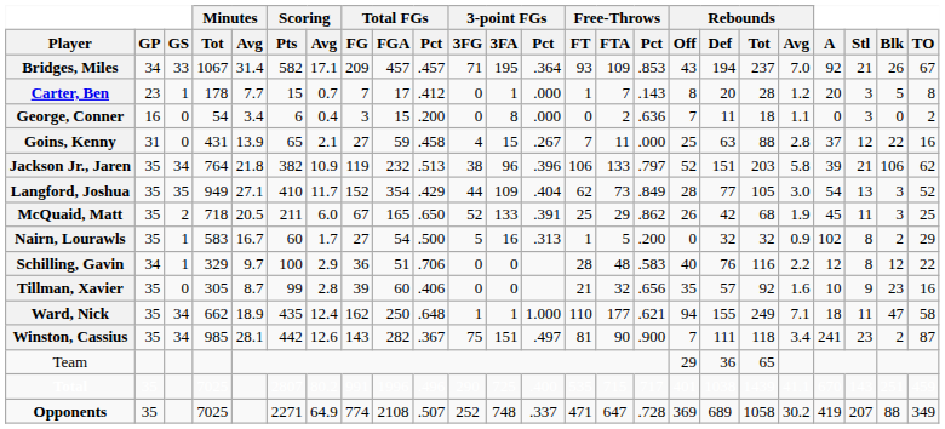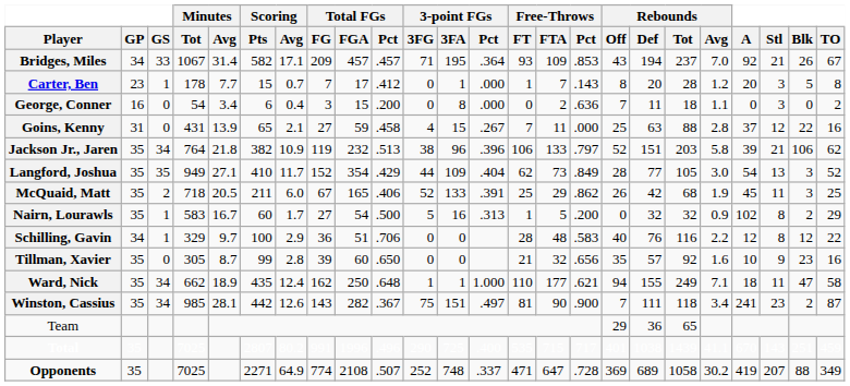 <table class="wikitable sortable" style="font-size:70%;">
 <tr>
 <th colspan="3" style="border-top-style:hidden; border-left-style:hidden; background: white;"></th>
 <th colspan="2" style="background:#">Minutes</th>
 <th colspan="2" style="background:#">Scoring</th>
 <th colspan="3" style="background:#">Total FGs</th>
 <th colspan="3" style="background:#">3-point FGs</th>
 <th colspan="3" style="background:#">Free-Throws</th>
 <th colspan="4" style="background:#">Rebounds</th>
 <th colspan="4" style="border-top-style:hidden; border-right-style:hidden; background: white;"></th>
 </tr>
 <tr>
 <th scope="col" style="background:#">Player</th>
 <th scope="col" style="background:#">GP</th>
 <th scope="col" style="background:#">GS</th>
 <th scope="col" style="background:#">Tot</th>
 <th scope="col" style="background:#">Avg</th>
 <th scope="col" style="background:#">Pts</th>
 <th scope="col" style="background:#">Avg</th>
 <th scope="col" style="background:#">FG</th>
 <th scope="col" style="background:#">FGA</th>
 <th scope="col" style="background:#">Pct</th>
 <th scope="col" style="background:#">3FG</th>
 <th scope="col" style="background:#">3FA</th>
 <th scope="col" style="background:#">Pct</th>
 <th scope="col" style="background:#">FT</th>
 <th scope="col" style="background:#">FTA</th>
 <th scope="col" style="background:#">Pct</th>
 <th scope="col" style="background:#">Off</th>
 <th scope="col" style="background:#">Def</th>
 <th scope="col" style="background:#">Tot</th>
 <th scope="col" style="background:#">Avg</th>
 <th scope="col" style="background:#">A</th>
 <th scope="col" style="background:#">Stl</th>
 <th scope="col" style="background:#">Blk</th>
 <th scope="col" style="background:#">TO</th>
 </tr>
 <tr>
 <th style=white-space:nowrap>Bridges, Miles</th>
 <td style="text-align:right;">34</td>
 <td style="text-align:right;">33</td>
 <td style="text-align:right;" style="background:#18440a; color:#ffffff;">1067</td>
 <td style="text-align:right;" style="background:#18440a; color:#ffffff;">31.4</td>
 <td style="text-align:right;" style="background:#18440a; color:#ffffff;">582</td>
 <td style="text-align:right;" style="background:#18440a; color:#ffffff;">17.1</td>
 <td style="text-align:right;" style="background:#18440a; color:#ffffff;">209</td>
 <td style="text-align:right;" style="background:#18440a; color:#ffffff;">457</td>
 <td style="text-align:right;">.457</td>
 <td style="text-align:right;">71</td>
 <td style="text-align:right;" style="background:#18440a; color:#ffffff;">195</td>
 <td style="text-align:right;">.364</td>
 <td style="text-align:right;">93</td>
 <td style="text-align:right;">109</td>
 <td style="text-align:right;">.853</td>
 <td style="text-align:right;">43</td>
 <td style="text-align:right;" style="background:#18440a; color:#ffffff;">194</td>
 <td style="text-align:right;">237</td>
 <td style="text-align:right;">7.0</td>
 <td style="text-align:right;">92</td>
 <td style="text-align:right;">21</td>
 <td style="text-align:right;">26</td>
 <td style="text-align:right;">67</td>
 </tr>
 <tr>
 <th style=white-space:nowrap><a href='#'>Carter, Ben</a></th>
 <td style="text-align:right;">23</td>
 <td style="text-align:right;">1</td>
 <td style="text-align:right;">178</td>
 <td style="text-align:right;">7.7</td>
 <td style="text-align:right;">15</td>
 <td style="text-align:right;">0.7</td>
 <td style="text-align:right;">7</td>
 <td style="text-align:right;">17</td>
 <td style="text-align:right;">.412</td>
 <td style="text-align:right;">0</td>
 <td style="text-align:right;">1</td>
 <td style="text-align:right;">.000</td>
 <td style="text-align:right;">1</td>
 <td style="text-align:right;">7</td>
 <td style="text-align:right;">.143</td>
 <td style="text-align:right;">8</td>
 <td style="text-align:right;">20</td>
 <td style="text-align:right;">28</td>
 <td style="text-align:right;">1.2</td>
 <td style="text-align:right;">20</td>
 <td style="text-align:right;">3</td>
 <td style="text-align:right;">5</td>
 <td style="text-align:right;">8</td>
 </tr>
 <tr>
 <th style=white-space:nowrap>George, Conner</th>
 <td style="text-align:right;">16</td>
 <td style="text-align:right;">0</td>
 <td style="text-align:right;">54</td>
 <td style="text-align:right;">3.4</td>
 <td style="text-align:right;">6</td>
 <td style="text-align:right;">0.4</td>
 <td style="text-align:right;">3</td>
 <td style="text-align:right;">15</td>
 <td style="text-align:right;">.200</td>
 <td style="text-align:right;">0</td>
 <td style="text-align:right;">8</td>
 <td style="text-align:right;">.000</td>
 <td style="text-align:right;">0</td>
 <td style="text-align:right;">2</td>
 <td style="text-align:right;">.636</td>
 <td style="text-align:right;">7</td>
 <td style="text-align:right;">11</td>
 <td style="text-align:right;">18</td>
 <td style="text-align:right;">1.1</td>
 <td style="text-align:right;">0</td>
 <td style="text-align:right;">3</td>
 <td style="text-align:right;">0</td>
 <td style="text-align:right;">2</td>
 </tr>
 <tr>
 <th style=white-space:nowrap>Goins, Kenny</th>
 <td style="text-align:right;">31</td>
 <td style="text-align:right;">0</td>
 <td style="text-align:right;">431</td>
 <td style="text-align:right;">13.9</td>
 <td style="text-align:right;">65</td>
 <td style="text-align:right;">2.1</td>
 <td style="text-align:right;">27</td>
 <td style="text-align:right;">59</td>
 <td style="text-align:right;">.458</td>
 <td style="text-align:right;">4</td>
 <td style="text-align:right;">15</td>
 <td style="text-align:right;">.267</td>
 <td style="text-align:right;">7</td>
 <td style="text-align:right;">11</td>
 <td style="text-align:right;">.000</td>
 <td style="text-align:right;">25</td>
 <td style="text-align:right;">63</td>
 <td style="text-align:right;">88</td>
 <td style="text-align:right;">2.8</td>
 <td style="text-align:right;">37</td>
 <td style="text-align:right;">12</td>
 <td style="text-align:right;">22</td>
 <td style="text-align:right;">16</td>
 </tr>
 <tr>
 <th style=white-space:nowrap>Jackson Jr., Jaren</th>
 <td style="text-align:right;" style="background:#18440a; color:#ffffff;">35</td>
 <td style="text-align:right;">34</td>
 <td style="text-align:right;">764</td>
 <td style="text-align:right;">21.8</td>
 <td style="text-align:right;">382</td>
 <td style="text-align:right;">10.9</td>
 <td style="text-align:right;">119</td>
 <td style="text-align:right;">232</td>
 <td style="text-align:right;">.513</td>
 <td style="text-align:right;">38</td>
 <td style="text-align:right;">96</td>
 <td style="text-align:right;">.396</td>
 <td style="text-align:right;">106</td>
 <td style="text-align:right;">133</td>
 <td style="text-align:right;">.797</td>
 <td style="text-align:right;">52</td>
 <td style="text-align:right;">151</td>
 <td style="text-align:right;">203</td>
 <td style="text-align:right;">5.8</td>
 <td style="text-align:right;">39</td>
 <td style="text-align:right;">21</td>
 <td style="text-align:right;" style="background:#18440a; color:#ffffff;">106</td>
 <td style="text-align:right;">62</td>
 </tr>
 <tr>
 <th style=white-space:nowrap>Langford, Joshua</th>
 <td style="text-align:right;" style="background:#18440a; color:#ffffff;">35</td>
 <td style="text-align:right;" style="background:#18440a; color:#ffffff;">35</td>
 <td style="text-align:right;">949</td>
 <td style="text-align:right;">27.1</td>
 <td style="text-align:right;">410</td>
 <td style="text-align:right;">11.7</td>
 <td style="text-align:right;">152</td>
 <td style="text-align:right;">354</td>
 <td style="text-align:right;">.429</td>
 <td style="text-align:right;">44</td>
 <td style="text-align:right;">109</td>
 <td style="text-align:right;">.404</td>
 <td style="text-align:right;">62</td>
 <td style="text-align:right;">73</td>
 <td style="text-align:right;">.849</td>
 <td style="text-align:right;">28</td>
 <td style="text-align:right;">77</td>
 <td style="text-align:right;">105</td>
 <td style="text-align:right;">3.0</td>
 <td style="text-align:right;">54</td>
 <td style="text-align:right;">13</td>
 <td style="text-align:right;">3</td>
 <td style="text-align:right;">52</td>
 </tr>
 <tr>
 <th style=white-space:nowrap>McQuaid, Matt</th>
 <td style="text-align:right;" style="background:#18440a; color:#ffffff;">35</td>
 <td style="text-align:right;">2</td>
 <td style="text-align:right;">718</td>
 <td style="text-align:right;">20.5</td>
 <td style="text-align:right;">211</td>
 <td style="text-align:right;">6.0</td>
 <td style="text-align:right;">67</td>
 <td style="text-align:right;">165</td>
-<td style="text-align:right;">.650</td>
+<td style="text-align:right;">.406</td>
 <td style="text-align:right;">52</td>
 <td style="text-align:right;">133</td>
 <td style="text-align:right;">.391</td>
 <td style="text-align:right;">25</td>
 <td style="text-align:right;">29</td>
 <td style="text-align:right;">.862</td>
 <td style="text-align:right;">26</td>
 <td style="text-align:right;">42</td>
 <td style="text-align:right;">68</td>
 <td style="text-align:right;">1.9</td>
 <td style="text-align:right;">45</td>
 <td style="text-align:right;">11</td>
 <td style="text-align:right;">3</td>
 <td style="text-align:right;">25</td>
 </tr>
 <tr>
 <th style=white-space:nowrap>Nairn, Lourawls</th>
 <td style="text-align:right;" style="background:#18440a; color:#ffffff;">35</td>
 <td style="text-align:right;">1</td>
 <td style="text-align:right;">583</td>
 <td style="text-align:right;">16.7</td>
 <td style="text-align:right;">60</td>
 <td style="text-align:right;">1.7</td>
 <td style="text-align:right;">27</td>
 <td style="text-align:right;">54</td>
 <td style="text-align:right;">.500</td>
 <td style="text-align:right;">5</td>
 <td style="text-align:right;">16</td>
 <td style="text-align:right;">.313</td>
 <td style="text-align:right;">1</td>
 <td style="text-align:right;">5</td>
 <td style="text-align:right;">.200</td>
 <td style="text-align:right;">0</td>
 <td style="text-align:right;">32</td>
 <td style="text-align:right;">32</td>
 <td style="text-align:right;">0.9</td>
 <td style="text-align:right;">102</td>
 <td style="text-align:right;">8</td>
 <td style="text-align:right;">2</td>
 <td style="text-align:right;">29</td>
 </tr>
 <tr>
 <th style=white-space:nowrap>Schilling, Gavin</th>
 <td style="text-align:right;">34</td>
 <td style="text-align:right;">1</td>
 <td style="text-align:right;">329</td>
 <td style="text-align:right;">9.7</td>
 <td style="text-align:right;">100</td>
 <td style="text-align:right;">2.9</td>
 <td style="text-align:right;">36</td>
 <td style="text-align:right;">51</td>
 <td style="text-align:right;" style="background:#18440a; color:#ffffff;">.706</td>
 <td style="text-align:right;">0</td>
 <td style="text-align:right;">0</td>
 <td style="text-align:right;"></td>
 <td style="text-align:right;">28</td>
 <td style="text-align:right;">48</td>
 <td style="text-align:right;">.583</td>
 <td style="text-align:right;">40</td>
 <td style="text-align:right;">76</td>
 <td style="text-align:right;">116</td>
 <td style="text-align:right;">2.2</td>
 <td style="text-align:right;">12</td>
 <td style="text-align:right;">8</td>
 <td style="text-align:right;">12</td>
 <td style="text-align:right;">22</td>
 </tr>
 <tr>
 <th style=white-space:nowrap>Tillman, Xavier</th>
 <td style="text-align:right;" style="background:#18440a; color:#ffffff;">35</td>
 <td style="text-align:right;">0</td>
 <td style="text-align:right;">305</td>
 <td style="text-align:right;">8.7</td>
 <td style="text-align:right;">99</td>
 <td style="text-align:right;">2.8</td>
 <td style="text-align:right;">39</td>
 <td style="text-align:right;">60</td>
-<td style="text-align:right;">.406</td>
+<td style="text-align:right;">.650</td>
 <td style="text-align:right;">0</td>
 <td style="text-align:right;">0</td>
 <td style="text-align:right;"></td>
 <td style="text-align:right;">21</td>
 <td style="text-align:right;">32</td>
 <td style="text-align:right;">.656</td>
 <td style="text-align:right;">35</td>
 <td style="text-align:right;">57</td>
 <td style="text-align:right;">92</td>
 <td style="text-align:right;">1.6</td>
 <td style="text-align:right;">10</td>
 <td style="text-align:right;">9</td>
 <td style="text-align:right;">23</td>
 <td style="text-align:right;">16</td>
 </tr>
 <tr>
 <th style=white-space:nowrap>Ward, Nick</th>
 <td style="text-align:right;" style="background:#18440a; color:#ffffff;">35</td>
 <td style="text-align:right;">34</td>
 <td style="text-align:right;">662</td>
 <td style="text-align:right;">18.9</td>
 <td style="text-align:right;">435</td>
 <td style="text-align:right;">12.4</td>
 <td style="text-align:right;">162</td>
 <td style="text-align:right;">250</td>
 <td style="text-align:right;">.648</td>
 <td style="text-align:right;">1</td>
 <td style="text-align:right;">1</td>
 <td style="text-align:right;" style="background:#18440a; color:#ffffff;">1.000</td>
 <td style="text-align:right;" style="background:#18440a; color:#ffffff;">110</td>
 <td style="text-align:right;" style="background:#18440a; color:#ffffff;">177</td>
 <td style="text-align:right;">.621</td>
 <td style="text-align:right;" style="background:#18440a; color:#ffffff;">94</td>
 <td style="text-align:right;">155</td>
 <td style="text-align:right;" style="background:#18440a; color:#ffffff;">249</td>
 <td style="text-align:right;" style="background:#18440a; color:#ffffff;">7.1</td>
 <td style="text-align:right;">18</td>
 <td style="text-align:right;">11</td>
 <td style="text-align:right;">47</td>
 <td style="text-align:right;">58</td>
 </tr>
 <tr>
 <th style=white-space:nowrap>Winston, Cassius</th>
 <td style="text-align:right;" style="background:#18440a; color:#ffffff;">35</td>
 <td style="text-align:right;">34</td>
 <td style="text-align:right;">985</td>
 <td style="text-align:right;">28.1</td>
 <td style="text-align:right;">442</td>
 <td style="text-align:right;">12.6</td>
 <td style="text-align:right;">143</td>
 <td style="text-align:right;">282</td>
 <td>.367</td>
 <td style="text-align:right;" style="background:#18440a; color:#ffffff;">75</td>
 <td style="text-align:right;">151</td>
 <td style="text-align:right;">.497</td>
 <td style="text-align:right;">81</td>
 <td style="text-align:right;">90</td>
 <td style="text-align:right;" style="background:#18440a; color:#ffffff;">.900</td>
 <td style="text-align:right;">7</td>
 <td style="text-align:right;">111</td>
 <td style="text-align:right;">118</td>
 <td style="text-align:right;">3.4</td>
 <td style="text-align:right;" style="background:#18440a; color:#ffffff;">241</td>
 <td style="text-align:right;" style="background:#18440a; color:#ffffff;">23</td>
 <td style="text-align:right;">2</td>
 <td style="text-align:right;" style="background:#18440a; color:#ffffff;">87</td>
 </tr>
 <tr class="sortbottom">
 <td style="text-align:center;">Team</td>
 <td style="text-align:right;"></td>
 <td style="text-align:right;"></td>
 <td style="text-align:right;"></td>
 <td style="text-align:right; border-right-style:hidden;"></td>
 <td style="text-align:right; border-right-style:hidden;"></td>
 <td style="text-align:right; border-right-style:hidden;"></td>
 <td style="text-align:right; border-right-style:hidden;"></td>
 <td style="text-align:right; border-right-style:hidden;"></td>
 <td style="text-align:right; border-right-style:hidden;"></td>
 <td style="text-align:right; border-right-style:hidden;"></td>
 <td style="text-align:right; border-right-style:hidden;"></td>
 <td style="text-align:right; border-right-style:hidden;"></td>
 <td style="text-align:right; border-right-style:hidden;"></td>
 <td style="text-align:right; border-right-style:hidden;"></td>
 <td style="text-align:right;"></td>
 <td style="text-align:right;">29</td>
 <td style="text-align:right;">36</td>
 <td style="text-align:right;">65</td>
 <td style="text-align:right;"></td>
 <td style="text-align:right; border-right-style:hidden;"></td>
 <td style="text-align:right;"></td>
 <td style="text-align:right; border-right-style:hidden;"></td>
 <td style="text-align:right;"></td>
 </tr>
 <tr class="sortbottom" style="color:#ffffff;" style="background:#">
 <td style="text-align:center;color:#ffffff;"><strong>Total</strong></td>
 <td style="text-align:center; color:#fff;">35</td>
 <td align="center" style="background:#"></td>
 <td align="center" style="background:#">7025</td>
 <td align="center" style="background:#"></td>
 <td align="center" style="background:#">2807</td>
 <td align="center" style="background:#">80.2</td>
 <td align="center" style="background:#">991</td>
 <td align="center" style="background:#">1996</td>
 <td align="center" style="background:#">.496</td>
 <td align="center" style="background:#">290</td>
 <td align="center" style="background:#">725</td>
 <td align="center" style="background:#">.400</td>
 <td align="center" style="background:#">535</td>
 <td align="center" style="background:#">715</td>
 <td align="center" style="background:#">717</td>
 <td align="center" style="background:#">401</td>
 <td align="center" style="background:#">1038</td>
 <td align="center" style="background:#">1439</td>
 <td align="center" style="background:#">41.1</td>
 <td align="center" style="background:#">670</td>
 <td align="center" style="background:#">143</td>
 <td align="center" style="background:#">251</td>
 <td align="center" style="background:#">459</td>
 </tr>
 <tr class="sortbottom" style="text-align:center;">
 <td><strong>Opponents</strong></td>
 <td>35</td>
 <td style="text-align:center;"></td>
 <td>7025</td>
 <td style="text-align:center;"></td>
 <td>2271</td>
 <td>64.9</td>
 <td>774</td>
 <td>2108</td>
 <td style="text-align:right;">.507</td>
 <td>252</td>
 <td>748</td>
 <td>.337</td>
 <td>471</td>
 <td>647</td>
 <td>.728</td>
 <td>369</td>
 <td>689</td>
 <td>1058</td>
 <td>30.2</td>
 <td>419</td>
 <td>207</td>
 <td>88</td>
 <td>349</td>
 </tr>
 </table>
